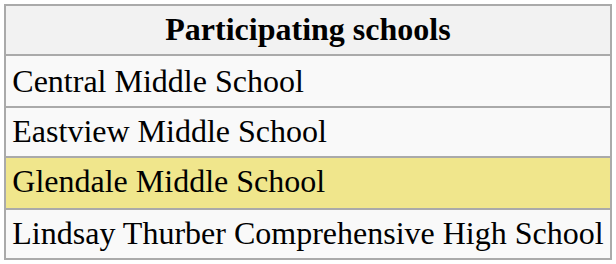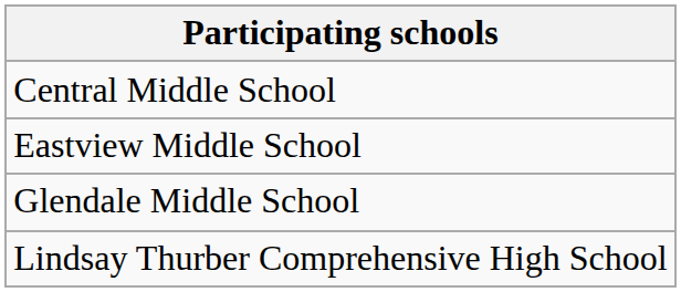 <table class="wikitable" align=right>
 <tr>
 <th>Participating schools</th>
 </tr>
 <tr>
 <td>Central Middle School</td>
 </tr>
 <tr>
 <td>Eastview Middle School</td>
 </tr>
 <tr>
-<td style="background: khaki;">Glendale Middle School</td>
+<td>Glendale Middle School</td>
 </tr>
 <tr>
 <td>Lindsay Thurber Comprehensive High School</td>
 </tr>
 </table>
